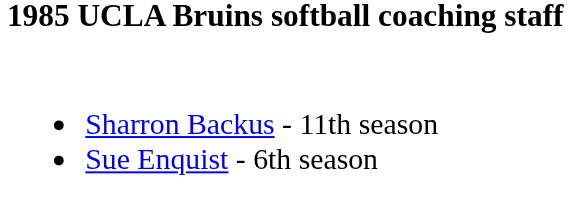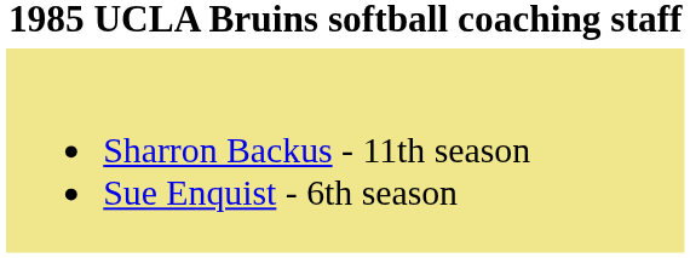 <table class="toccolours">
 <tr>
 <th colspan=9>1985 UCLA Bruins softball coaching staff</th>
 </tr>
 <tr>
-<td style="text-align: left; font-size: 95%;" valign="top"><br><ul><li><a href='#'>Sharron Backus</a> - 11th season</li><li><a href='#'>Sue Enquist</a> - 6th season</li></ul></td>
+<td style="background: khaki; text-align: left; font-size: 95%;" valign="top"><br><ul><li><a href='#'>Sharron Backus</a> - 11th season</li><li><a href='#'>Sue Enquist</a> - 6th season</li></ul></td>
 </tr>
 </table>
